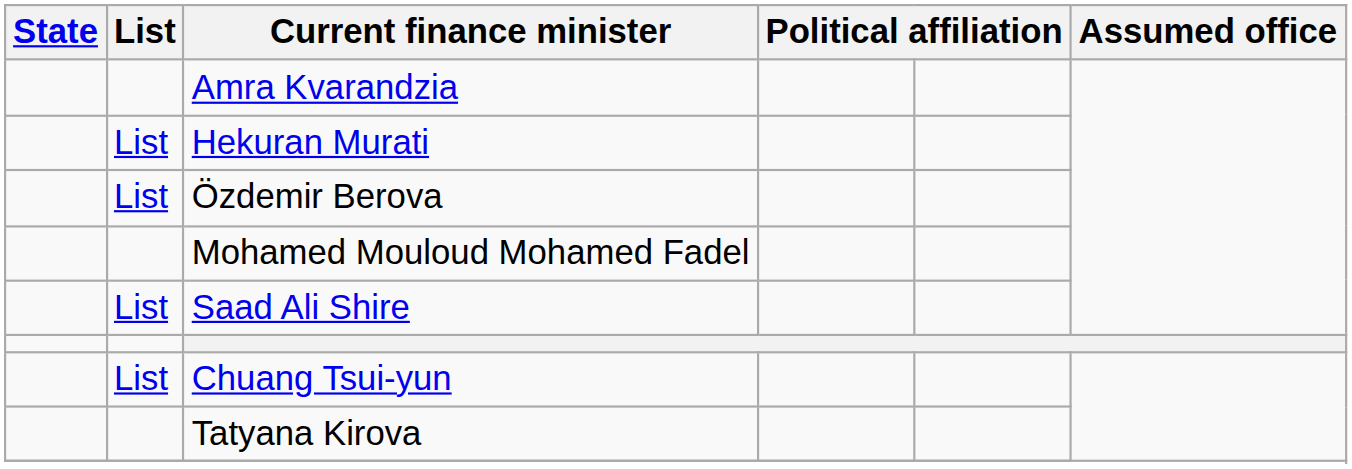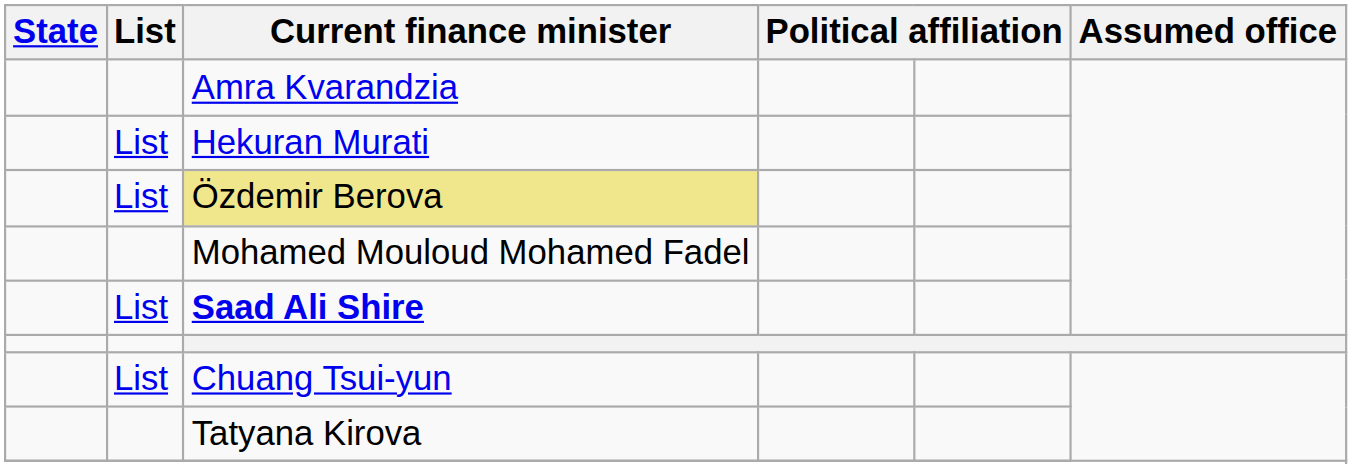 <table class="wikitable sortable">
 <tr>
 <th><a href='#'>State</a></th>
 <th>List</th>
 <th>Current finance minister</th>
 <th colspan="2">Political affiliation</th>
 <th>Assumed office</th>
 </tr>
 <tr>
 <td></td>
 <td></td>
 <td><a href='#'>Amra Kvarandzia</a></td>
 <td></td>
 <td></td>
 </tr>
 <tr>
 <td></td>
 <td><a href='#'>List</a></td>
 <td><a href='#'>Hekuran Murati</a></td>
 <td></td>
 <td></td>
 </tr>
 <tr>
 <td></td>
 <td><a href='#'>List</a></td>
-<td>Özdemir Berova</td>
+<td style="background: khaki;">Özdemir Berova</td>
 <td></td>
 <td></td>
 </tr>
 <tr>
 <td></td>
 <td></td>
 <td>Mohamed Mouloud Mohamed Fadel</td>
 <td></td>
 <td></td>
 </tr>
 <tr>
 <td></td>
 <td><a href='#'>List</a></td>
-<td><a href='#'>Saad Ali Shire</a></td>
+<td><strong><a href='#'>Saad Ali Shire</a></strong></td>
 <td></td>
 <td></td>
 </tr>
 <tr>
 <td></td>
 <td></td>
 <th colspan="4"></th>
 </tr>
 <tr>
 <td></td>
 <td><a href='#'>List</a></td>
 <td><a href='#'>Chuang Tsui-yun</a></td>
 <td></td>
 <td></td>
 </tr>
 <tr>
 <td></td>
 <td></td>
 <td>Tatyana Kirova</td>
 <td></td>
 <td></td>
 </tr>
 <tr>
 </tr>
 </table>
